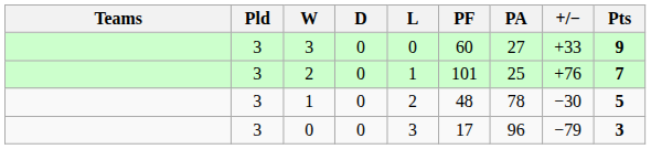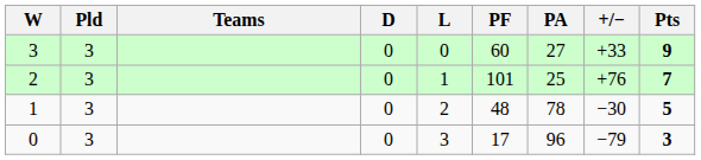 <table class="wikitable" style="text-align: center;">
 <tr>
+<th width="40">W</th>
+<th width="40">Pld</th>
 <th width="200">Teams</th>
-<th width="40">Pld</th>
-<th width="40">W</th>
 <th width="40">D</th>
 <th width="40">L</th>
 <th width="40">PF</th>
 <th width="40">PA</th>
 <th width="40">+/−</th>
 <th width="40">Pts</th>
 </tr>
 <tr bgcolor=ccffcc>
-<td align=left></td>
 <td>3</td>
 <td>3</td>
+<td align=left></td>
 <td>0</td>
 <td>0</td>
 <td>60</td>
 <td>27</td>
 <td>+33</td>
 <td><strong>9</strong></td>
 </tr>
 <tr bgcolor=ccffcc>
+<td>2</td>
+<td>3</td>
 <td align=left></td>
-<td>3</td>
-<td>2</td>
 <td>0</td>
 <td>1</td>
 <td>101</td>
 <td>25</td>
 <td>+76</td>
 <td><strong>7</strong></td>
 </tr>
 <tr>
+<td>1</td>
+<td>3</td>
 <td align=left></td>
-<td>3</td>
-<td>1</td>
 <td>0</td>
 <td>2</td>
 <td>48</td>
 <td>78</td>
 <td>−30</td>
 <td><strong>5</strong></td>
 </tr>
 <tr>
+<td>0</td>
+<td>3</td>
 <td align=left></td>
-<td>3</td>
-<td>0</td>
 <td>0</td>
 <td>3</td>
 <td>17</td>
 <td>96</td>
 <td>−79</td>
 <td><strong>3</strong></td>
 </tr>
 </table>
